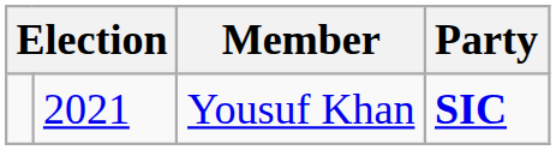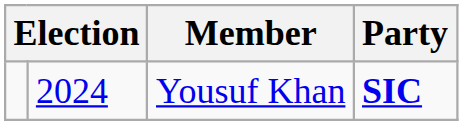 <table class="wikitable">
 <tr>
 <th colspan="2">Election</th>
 <th>Member</th>
 <th>Party</th>
 </tr>
 <tr>
 <td style="background-color: "></td>
-<td><a href='#'>2021</a></td>
+<td><a href='#'>2024</a></td>
 <td><a href='#'>Yousuf Khan</a></td>
 <td><strong><a href='#'>SIC</a></strong></td>
 </tr>
 </table>
